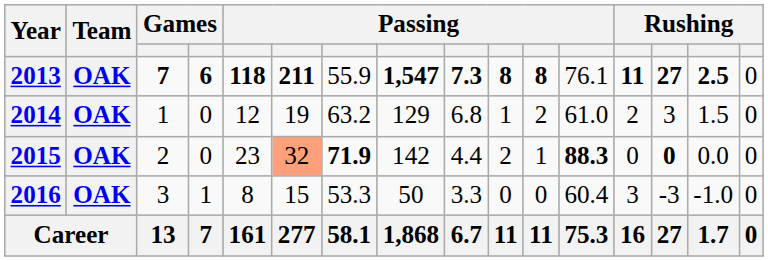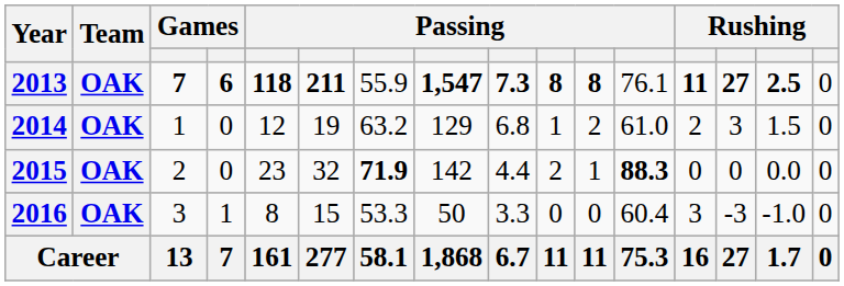 <table class="wikitable" style="text-align:center;">
 <tr>
 <th rowspan="2">Year</th>
 <th rowspan="2">Team</th>
 <th colspan="2">Games</th>
 <th colspan="8">Passing</th>
 <th colspan="4">Rushing</th>
 </tr>
 <tr>
 <th></th>
 <th></th>
 <th></th>
 <th></th>
 <th></th>
 <th></th>
 <th></th>
 <th></th>
 <th></th>
 <th></th>
 <th></th>
 <th></th>
 <th></th>
 <th></th>
 </tr>
 <tr>
 <th><a href='#'>2013</a></th>
 <th><a href='#'>OAK</a></th>
 <td><strong>7</strong></td>
 <td><strong>6</strong></td>
 <td><strong>118</strong></td>
 <td><strong>211</strong></td>
 <td>55.9</td>
 <td><strong>1,547</strong></td>
 <td><strong>7.3</strong></td>
 <td><strong>8</strong></td>
 <td><strong>8</strong></td>
 <td>76.1</td>
 <td><strong>11</strong></td>
 <td><strong>27</strong></td>
 <td><strong>2.5</strong></td>
 <td>0</td>
 </tr>
 <tr>
 <th><a href='#'>2014</a></th>
 <th><a href='#'>OAK</a></th>
 <td>1</td>
 <td>0</td>
 <td>12</td>
 <td>19</td>
 <td>63.2</td>
 <td>129</td>
 <td>6.8</td>
 <td>1</td>
 <td>2</td>
 <td>61.0</td>
 <td>2</td>
 <td>3</td>
 <td>1.5</td>
 <td>0</td>
 </tr>
 <tr>
 <th><a href='#'>2015</a></th>
 <th><a href='#'>OAK</a></th>
 <td>2</td>
 <td>0</td>
 <td>23</td>
-<td style="background: lightsalmon;">32</td>
+<td>32</td>
 <td><strong>71.9</strong></td>
 <td>142</td>
 <td>4.4</td>
 <td>2</td>
 <td>1</td>
 <td><strong>88.3</strong></td>
 <td>0</td>
-<td><strong>0</strong></td>
+<td>0</td>
 <td>0.0</td>
 <td>0</td>
 </tr>
 <tr>
 <th><a href='#'>2016</a></th>
 <th><a href='#'>OAK</a></th>
 <td>3</td>
 <td>1</td>
 <td>8</td>
 <td>15</td>
 <td>53.3</td>
 <td>50</td>
 <td>3.3</td>
 <td>0</td>
 <td>0</td>
 <td>60.4</td>
 <td>3</td>
 <td>-3</td>
 <td>-1.0</td>
 <td>0</td>
 </tr>
 <tr>
 <th colspan="2">Career</th>
 <th>13</th>
 <th>7</th>
 <th>161</th>
 <th>277</th>
 <th>58.1</th>
 <th>1,868</th>
 <th>6.7</th>
 <th>11</th>
 <th>11</th>
 <th>75.3</th>
 <th>16</th>
 <th>27</th>
 <th>1.7</th>
 <th>0</th>
 </tr>
 </table>
